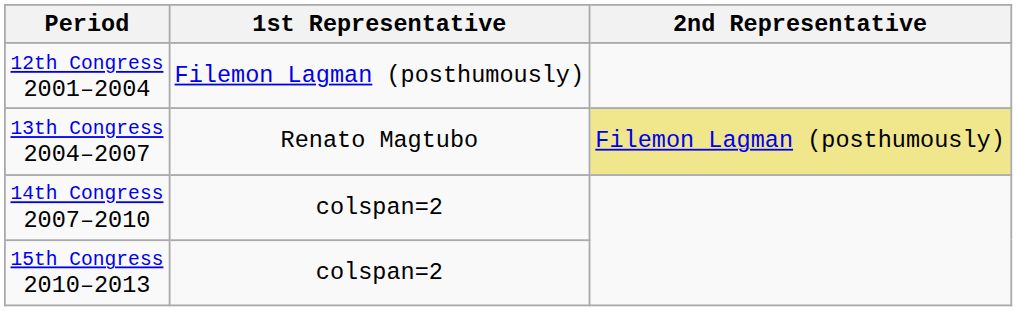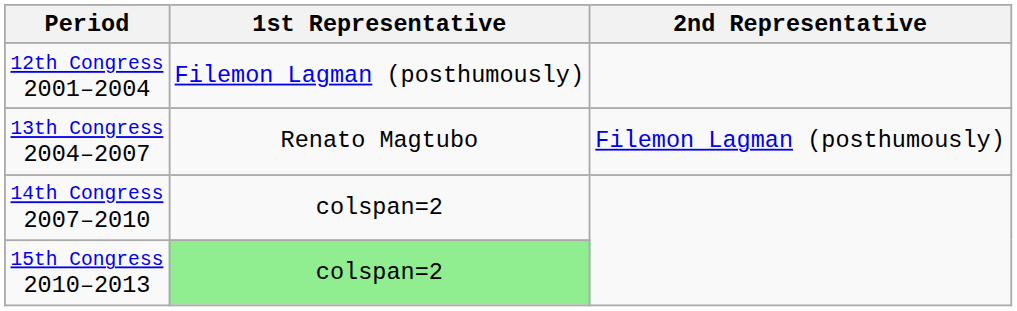 <table class="wikitable"; style="text-align:center">
 <tr>
 <th>Period</th>
 <th>1st Representative</th>
 <th>2nd Representative</th>
 </tr>
 <tr>
 <td><small><a href='#'>12th Congress</a></small><br>2001–2004</td>
 <td><a href='#'>Filemon Lagman</a> (posthumously)</td>
 <td></td>
 </tr>
 <tr>
 <td><small><a href='#'>13th Congress</a></small><br>2004–2007</td>
 <td>Renato Magtubo</td>
-<td style="background: khaki;"><a href='#'>Filemon Lagman</a> (posthumously)</td>
+<td><a href='#'>Filemon Lagman</a> (posthumously)</td>
 </tr>
 <tr>
 <td><small><a href='#'>14th Congress</a></small><br>2007–2010</td>
 <td>colspan=2</td>
 </tr>
 <tr>
 <td><small><a href='#'>15th Congress</a></small><br>2010–2013</td>
-<td>colspan=2</td>
+<td style="background: lightgreen;">colspan=2</td>
 </tr>
 </table>
